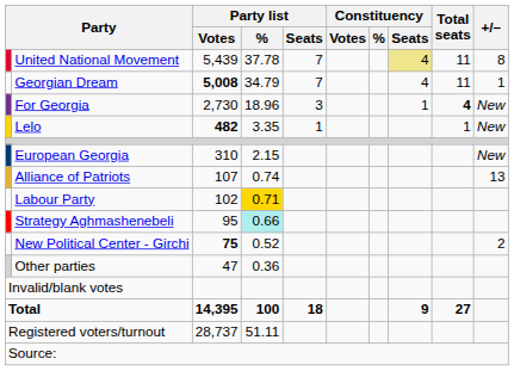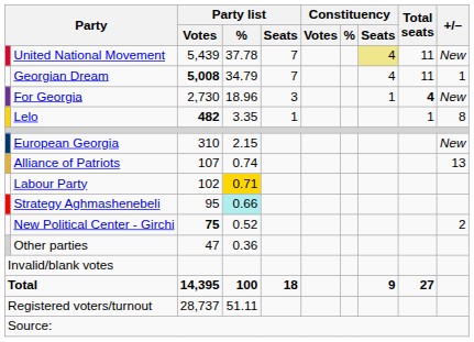 <table class="wikitable" style="text-align:right">
 <tr>
 <th colspan="2" rowspan="2">Party</th>
 <th colspan="3">Party list</th>
 <th colspan="3">Constituency</th>
 <th rowspan="2">Total<br>seats</th>
 <th rowspan="2">+/–</th>
 </tr>
 <tr>
 <th>Votes</th>
 <th>%</th>
 <th>Seats</th>
 <th>Votes</th>
 <th>%</th>
 <th>Seats</th>
 </tr>
 <tr>
 <td style="background-color: #e4012e;"></td>
 <td align=left><a href='#'>United National Movement</a></td>
 <td>5,439</td>
 <td>37.78</td>
 <td>7</td>
 <td></td>
 <td></td>
 <td style="background: khaki;">4</td>
 <td>11</td>
-<td> 8</td>
+<td><em>New</em></td>
 </tr>
 <tr>
 <td style="background-color: "></td>
 <td align=left><a href='#'>Georgian Dream</a></td>
 <td><strong>5,008</strong></td>
 <td>34.79</td>
 <td>7</td>
 <td></td>
 <td></td>
 <td>4</td>
 <td>11</td>
 <td> 1</td>
 </tr>
 <tr>
 <td style="background-color: #702F92"></td>
 <td align=left><a href='#'>For Georgia</a></td>
 <td>2,730</td>
 <td>18.96</td>
 <td>3</td>
 <td></td>
 <td></td>
 <td>1</td>
 <td><strong>4</strong></td>
 <td><em>New</em></td>
 </tr>
 <tr>
 <td style="background-color: #FFD400"></td>
 <td align=left><a href='#'>Lelo</a></td>
 <td><strong>482</strong></td>
 <td>3.35</td>
 <td>1</td>
 <td></td>
 <td></td>
 <td></td>
 <td>1</td>
-<td><em>New</em></td>
+<td> 8</td>
 </tr>
 <tr>
 <td colspan=10 bgcolor=lightgrey></td>
 </tr>
 <tr>
 <td bgcolor=#003876></td>
 <td align=left><a href='#'>European Georgia</a><br></td>
 <td>310</td>
 <td>2.15</td>
 <td></td>
 <td></td>
 <td></td>
 <td></td>
 <td></td>
 <td><em>New</em></td>
 </tr>
 <tr>
 <td style="background-color: #E7B031"></td>
 <td align=left><a href='#'>Alliance of Patriots</a></td>
 <td>107</td>
 <td>0.74</td>
 <td></td>
 <td></td>
 <td></td>
 <td></td>
 <td></td>
 <td> 13</td>
 </tr>
 <tr>
 <td style="background-color: "></td>
 <td align=left><a href='#'>Labour Party</a></td>
 <td>102</td>
 <td style="background: gold;">0.71</td>
 <td></td>
 <td></td>
 <td></td>
 <td></td>
 <td></td>
 <td></td>
 </tr>
 <tr>
 <td bgcolor=#ff0000></td>
 <td align=left><a href='#'>Strategy Aghmashenebeli</a></td>
 <td>95</td>
 <td style="background: paleturquoise;">0.66</td>
 <td></td>
 <td></td>
 <td></td>
 <td></td>
 <td></td>
 <td></td>
 </tr>
 <tr>
 <td style="background-color: "></td>
 <td align=left><a href='#'>New Political Center - Girchi</a></td>
 <td><strong>75</strong></td>
 <td>0.52</td>
 <td></td>
 <td></td>
 <td></td>
 <td></td>
 <td></td>
 <td> 2</td>
 </tr>
 <tr>
 <td style="background-color: #D3D3D3"></td>
 <td align=left>Other parties</td>
 <td>47</td>
 <td>0.36</td>
 <td></td>
 <td></td>
 <td></td>
 <td></td>
 <td></td>
 <td></td>
 </tr>
 <tr>
 <td colspan=2 align=left>Invalid/blank votes</td>
 <td></td>
 <td></td>
 <td></td>
 <td></td>
 <td></td>
 <td></td>
 <td></td>
 <td></td>
 </tr>
 <tr>
 <td colspan=2 align=left><strong>Total</strong></td>
 <td><strong>14,395</strong></td>
 <td><strong>100</strong></td>
 <td><strong>18</strong></td>
 <td></td>
 <td></td>
 <td><strong>9</strong></td>
 <td><strong>27</strong></td>
 <td></td>
 </tr>
 <tr>
 <td colspan=2 align=left>Registered voters/turnout</td>
 <td>28,737</td>
 <td>51.11</td>
 <td></td>
 <td></td>
 <td></td>
 <td></td>
 <td></td>
 </tr>
 <tr>
 <td align=left colspan=10>Source: </td>
 </tr>
 </table>
